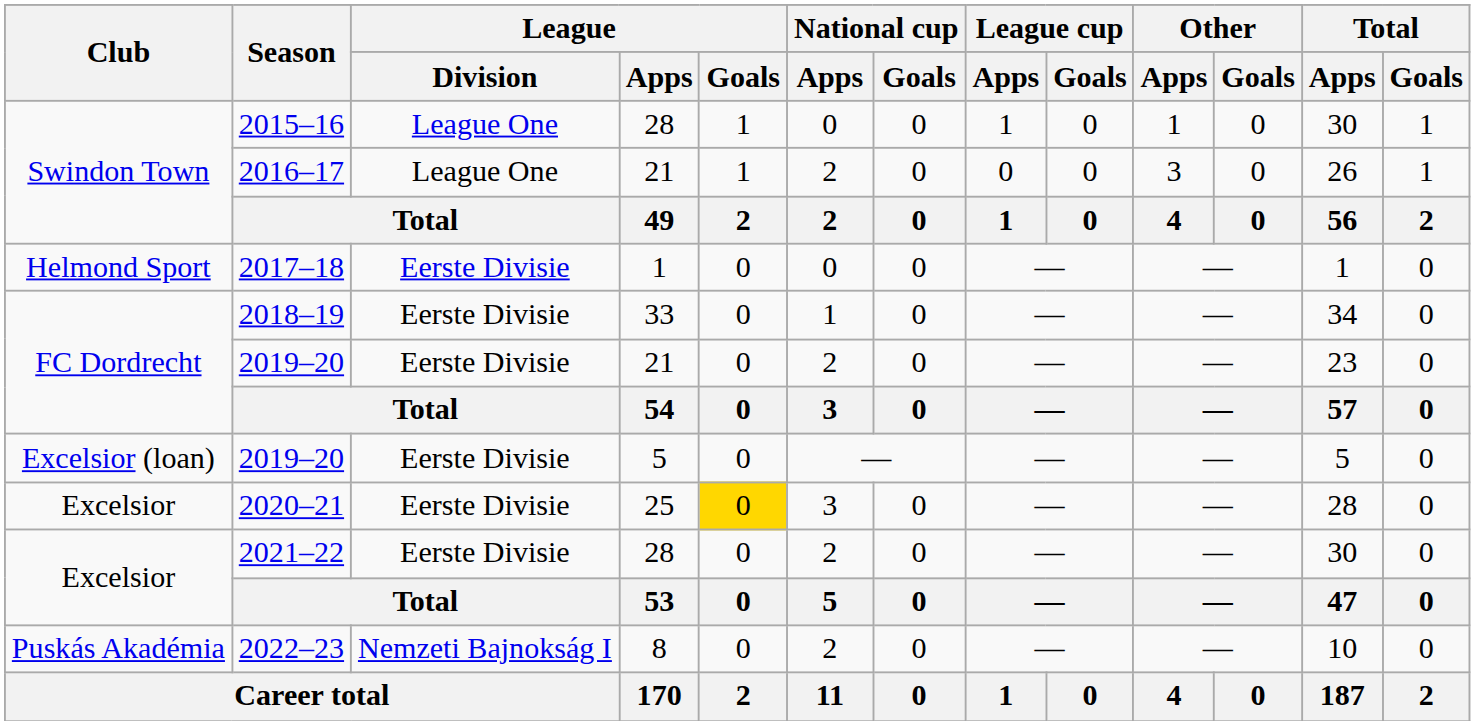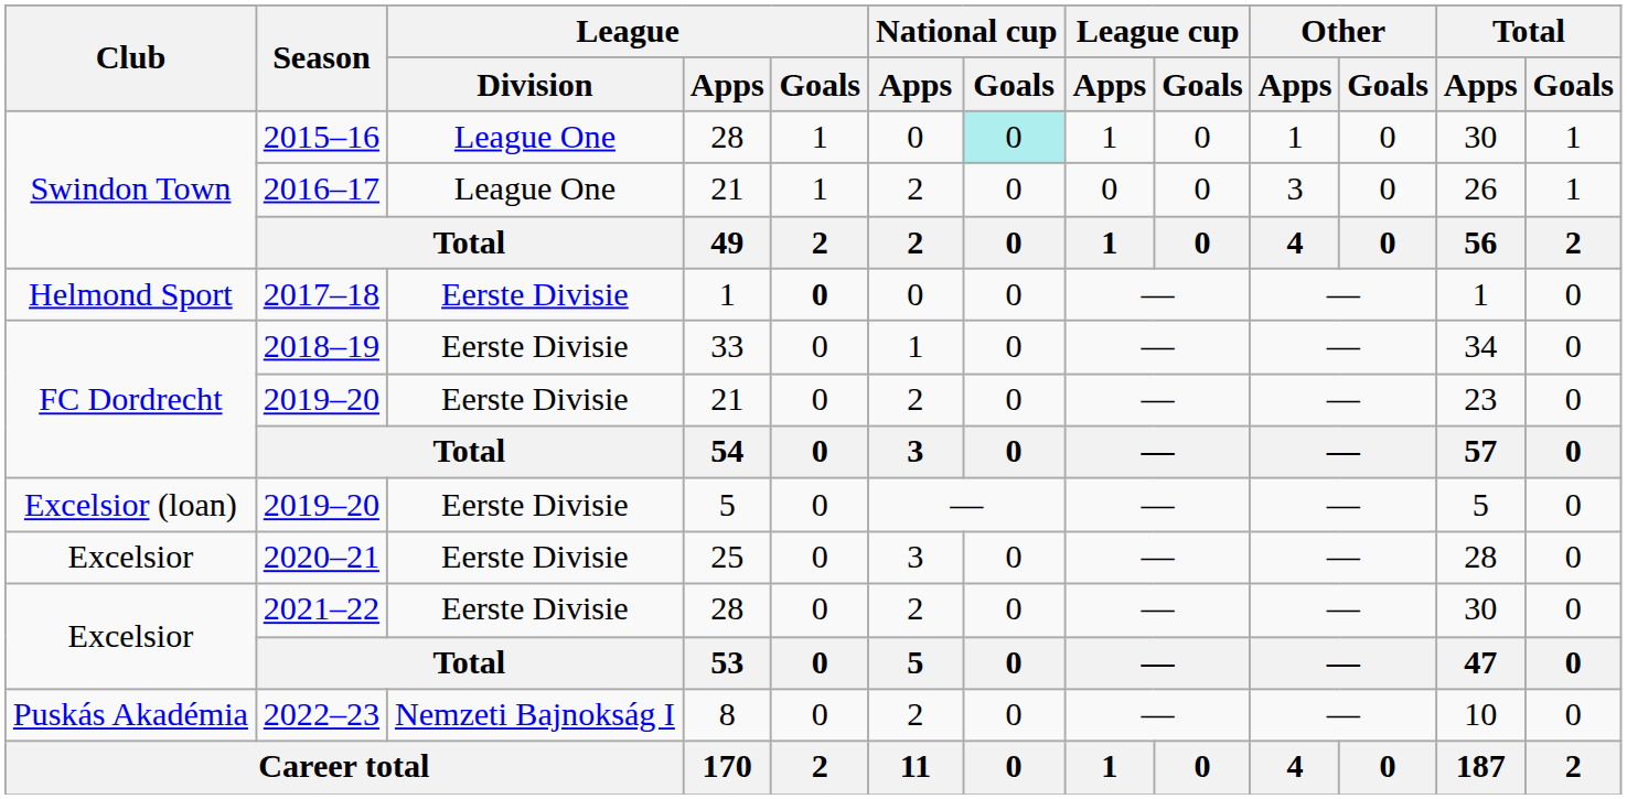 <table class="wikitable" style="text-align: center;">
 <tr>
 <th rowspan="2">Club</th>
 <th rowspan="2">Season</th>
 <th colspan="3">League</th>
 <th colspan="2">National cup</th>
 <th colspan="2">League cup</th>
 <th colspan="2">Other</th>
 <th colspan="2">Total</th>
 </tr>
 <tr>
 <th>Division</th>
 <th>Apps</th>
 <th>Goals</th>
 <th>Apps</th>
 <th>Goals</th>
 <th>Apps</th>
 <th>Goals</th>
 <th>Apps</th>
 <th>Goals</th>
 <th>Apps</th>
 <th>Goals</th>
 </tr>
 <tr>
 <td rowspan="3"><a href='#'>Swindon Town</a></td>
 <td><a href='#'>2015–16</a></td>
 <td><a href='#'>League One</a></td>
 <td>28</td>
 <td>1</td>
 <td>0</td>
-<td>0</td>
+<td style="background: paleturquoise;">0</td>
 <td>1</td>
 <td>0</td>
 <td>1</td>
 <td>0</td>
 <td>30</td>
 <td>1</td>
 </tr>
 <tr>
 <td><a href='#'>2016–17</a></td>
 <td>League One</td>
 <td>21</td>
 <td>1</td>
 <td>2</td>
 <td>0</td>
 <td>0</td>
 <td>0</td>
 <td>3</td>
 <td>0</td>
 <td>26</td>
 <td>1</td>
 </tr>
 <tr>
 <th colspan="2">Total</th>
 <th>49</th>
 <th>2</th>
 <th>2</th>
 <th>0</th>
 <th>1</th>
 <th>0</th>
 <th>4</th>
 <th>0</th>
 <th>56</th>
 <th>2</th>
 </tr>
 <tr>
 <td><a href='#'>Helmond Sport</a></td>
 <td><a href='#'>2017–18</a></td>
 <td><a href='#'>Eerste Divisie</a></td>
 <td>1</td>
-<td>0</td>
+<td><strong>0</strong></td>
 <td>0</td>
 <td>0</td>
 <td colspan="2">—</td>
 <td colspan="2">—</td>
 <td>1</td>
 <td>0</td>
 </tr>
 <tr>
 <td rowspan="3"><a href='#'>FC Dordrecht</a></td>
 <td><a href='#'>2018–19</a></td>
 <td>Eerste Divisie</td>
 <td>33</td>
 <td>0</td>
 <td>1</td>
 <td>0</td>
 <td colspan="2">—</td>
 <td colspan="2">—</td>
 <td>34</td>
 <td>0</td>
 </tr>
 <tr>
 <td><a href='#'>2019–20</a></td>
 <td>Eerste Divisie</td>
 <td>21</td>
 <td>0</td>
 <td>2</td>
 <td>0</td>
 <td colspan="2">—</td>
 <td colspan="2">—</td>
 <td>23</td>
 <td>0</td>
 </tr>
 <tr>
 <th colspan="2">Total</th>
 <th>54</th>
 <th>0</th>
 <th>3</th>
 <th>0</th>
 <th colspan="2">—</th>
 <th colspan="2">—</th>
 <th>57</th>
 <th>0</th>
 </tr>
 <tr>
 <td><a href='#'>Excelsior</a> (loan)</td>
 <td><a href='#'>2019–20</a></td>
 <td>Eerste Divisie</td>
 <td>5</td>
 <td>0</td>
 <td colspan="2">—</td>
 <td colspan="2">—</td>
 <td colspan="2">—</td>
 <td>5</td>
 <td>0</td>
 </tr>
 <tr>
 <td>Excelsior</td>
 <td><a href='#'>2020–21</a></td>
 <td>Eerste Divisie</td>
 <td>25</td>
-<td style="background: gold;">0</td>
+<td>0</td>
 <td>3</td>
 <td>0</td>
 <td colspan="2">—</td>
 <td colspan="2">—</td>
 <td>28</td>
 <td>0</td>
 </tr>
 <tr>
 <td rowspan="2">Excelsior</td>
 <td><a href='#'>2021–22</a></td>
 <td>Eerste Divisie</td>
 <td>28</td>
 <td>0</td>
 <td>2</td>
 <td>0</td>
 <td colspan="2">—</td>
 <td colspan="2">—</td>
 <td>30</td>
 <td>0</td>
 </tr>
 <tr>
 <th colspan="2">Total</th>
 <th>53</th>
 <th>0</th>
 <th>5</th>
 <th>0</th>
 <th colspan="2">—</th>
 <th colspan="2">—</th>
 <th>47</th>
 <th>0</th>
 </tr>
 <tr>
 <td><a href='#'>Puskás Akadémia</a></td>
 <td><a href='#'>2022–23</a></td>
 <td><a href='#'>Nemzeti Bajnokság I</a></td>
 <td>8</td>
 <td>0</td>
 <td>2</td>
 <td>0</td>
 <td colspan="2">—</td>
 <td colspan="2">—</td>
 <td>10</td>
 <td>0</td>
 </tr>
 <tr>
 <th colspan="3">Career total</th>
 <th>170</th>
 <th>2</th>
 <th>11</th>
 <th>0</th>
 <th>1</th>
 <th>0</th>
 <th>4</th>
 <th>0</th>
 <th>187</th>
 <th>2</th>
 </tr>
 </table>
